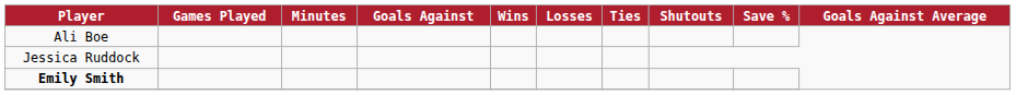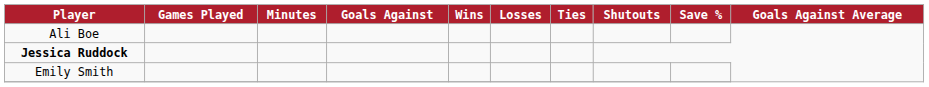 <table class="wikitable" width="80%">
 <tr align="center"  style=" background:#AF1E2D;color:#FFFFFF;">
 <td><strong>Player</strong></td>
 <td><strong>Games Played</strong></td>
 <td><strong>Minutes</strong></td>
 <td><strong>Goals Against</strong></td>
 <td><strong>Wins</strong></td>
 <td><strong>Losses</strong></td>
 <td><strong>Ties</strong></td>
 <td><strong>Shutouts</strong></td>
 <td><strong>Save %</strong></td>
 <td><strong>Goals Against Average</strong></td>
 </tr>
 <tr align="center" bgcolor="">
 <td>Ali Boe</td>
 <td></td>
 <td></td>
 <td></td>
 <td></td>
 <td></td>
 <td></td>
 <td></td>
 <td></td>
 </tr>
 <tr align="center" bgcolor="">
-<td>Jessica Ruddock</td>
+<td><strong>Jessica Ruddock</strong></td>
 <td></td>
 <td></td>
 <td></td>
 <td></td>
 <td></td>
 <td></td>
 </tr>
 <tr align="center" bgcolor="">
-<td><strong>Emily Smith</strong></td>
+<td>Emily Smith</td>
 <td></td>
 <td></td>
 <td></td>
 <td></td>
 <td></td>
 <td></td>
 <td></td>
 <td></td>
 </tr>
 <tr align="center" bgcolor="">
 </tr>
 </table>
